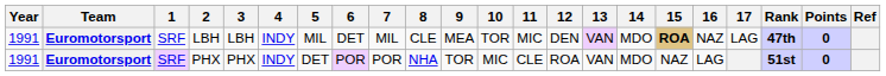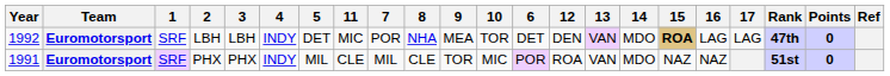 <table class="wikitable" style="text-align:center; font-size:90%">
 <tr>
 <th>Year</th>
 <th>Team</th>
 <th>1</th>
 <th>2</th>
 <th>3</th>
 <th>4</th>
 <th>5</th>
-<th>6</th>
+<th>11</th>
 <th>7</th>
 <th>8</th>
 <th>9</th>
 <th>10</th>
-<th>11</th>
+<th>6</th>
 <th>12</th>
 <th>13</th>
 <th>14</th>
 <th>15</th>
 <th>16</th>
 <th>17</th>
 <th>Rank</th>
 <th>Points</th>
 <th>Ref</th>
 </tr>
 <tr>
-<td><a href='#'>1991</a></td>
+<td><a href='#'>1992</a></td>
 <th><a href='#'>Euromotorsport</a></th>
 <td><a href='#'>SRF</a></td>
 <td>LBH</td>
 <td>LBH</td>
 <td><a href='#'>INDY</a></td>
-<td>MIL</td>
 <td>DET</td>
-<td>MIL</td>
-<td>CLE</td>
+<td>MIC</td>
+<td>POR</td>
+<td><a href='#'>NHA</a></td>
 <td>MEA</td>
 <td>TOR</td>
-<td>MIC</td>
+<td>DET</td>
 <td>DEN</td>
 <td style="background:#EFCFFF;">VAN<br></td>
 <td>MDO<br></td>
 <td style="background:#DFC484;"><strong>ROA<br></strong></td>
-<td>NAZ</td>
+<td>LAG</td>
 <td>LAG</td>
 <td style="background:#CFCFFF;"><strong>47th</strong></td>
 <td style="background:#CFCFFF;"><strong>0</strong></td>
 <th></th>
 </tr>
 <tr>
 <td><a href='#'>1991</a></td>
 <th><a href='#'>Euromotorsport</a></th>
 <td style="background:#EFCFFF;"><a href='#'>SRF</a><br></td>
 <td>PHX</td>
 <td>PHX</td>
 <td><a href='#'>INDY</a></td>
-<td>DET</td>
-<td style="background:#EFCFFF;">POR<br></td>
-<td>POR</td>
-<td><a href='#'>NHA</a></td>
+<td>MIL</td>
+<td>CLE</td>
+<td>MIL</td>
+<td>CLE</td>
 <td>TOR</td>
 <td>MIC</td>
-<td>CLE</td>
+<td style="background:#EFCFFF;">POR<br></td>
 <td>ROA</td>
 <td>VAN</td>
 <td>MDO</td>
 <td>NAZ</td>
-<td>LAG</td>
+<td>NAZ</td>
 <th></th>
 <td style="background:#CFCFFF;"><strong>51st</strong></td>
 <td style="background:#CFCFFF;"><strong>0</strong></td>
 <th></th>
 </tr>
 </table>
